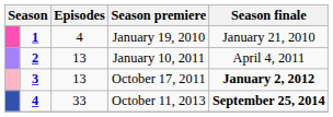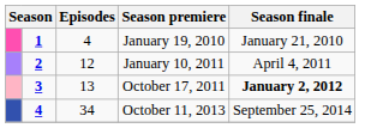 <table class="wikitable">
 <tr>
 <th colspan="2">Season</th>
 <th>Episodes</th>
 <th>Season premiere</th>
 <th>Season finale</th>
 </tr>
 <tr>
 <td bgcolor="FF4FB1" height="10px"></td>
 <td align="center"><strong><a href='#'>1</a></strong></td>
 <td align="center">4</td>
 <td align="center">January 19, 2010</td>
 <td align="center">January 21, 2010</td>
 </tr>
 <tr>
 <td bgcolor="A780FB" height="10px"></td>
 <td align="center"><strong><a href='#'>2</a></strong></td>
-<td align="center">13</td>
+<td align="center">12</td>
 <td align="center">January 10, 2011</td>
 <td align="center">April 4, 2011</td>
 </tr>
 <tr>
 <td bgcolor="FFB5C5" height="10px"></td>
 <td align="center"><strong><a href='#'>3</a></strong></td>
 <td align="center">13</td>
 <td align="center">October 17, 2011</td>
 <td align="center"><strong>January 2, 2012</strong></td>
 </tr>
 <tr>
 <td bgcolor="3251AE" height="10px"></td>
 <td align="center"><strong><a href='#'>4</a></strong></td>
-<td align="center">33</td>
+<td align="center">34</td>
 <td align="center">October 11, 2013</td>
-<td align="center"><strong>September 25, 2014</strong></td>
+<td align="center">September 25, 2014</td>
 </tr>
 <tr>
 </tr>
 </table>
